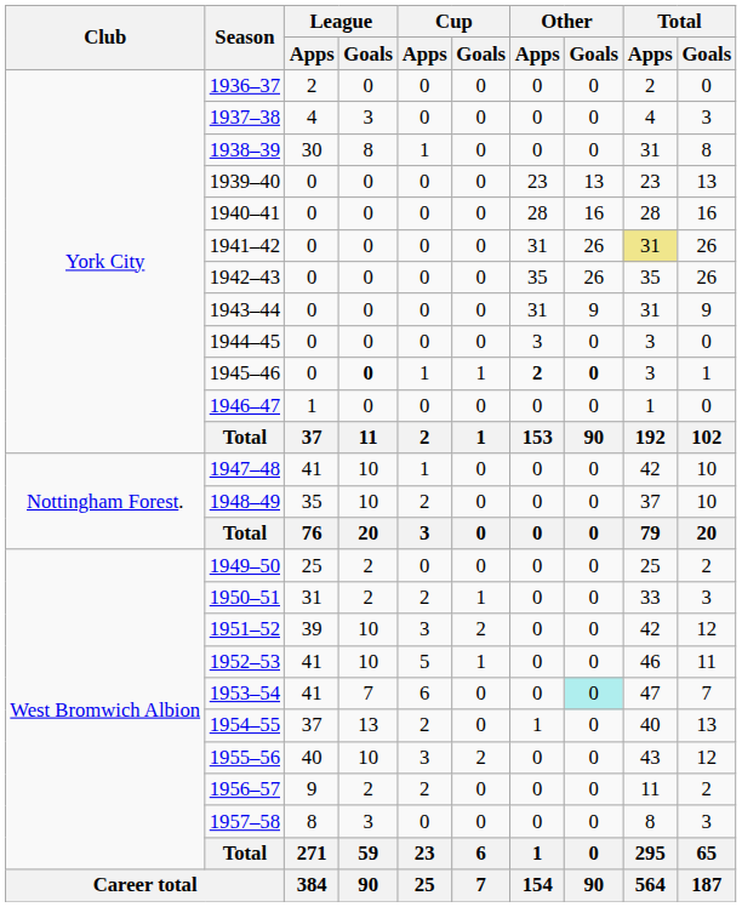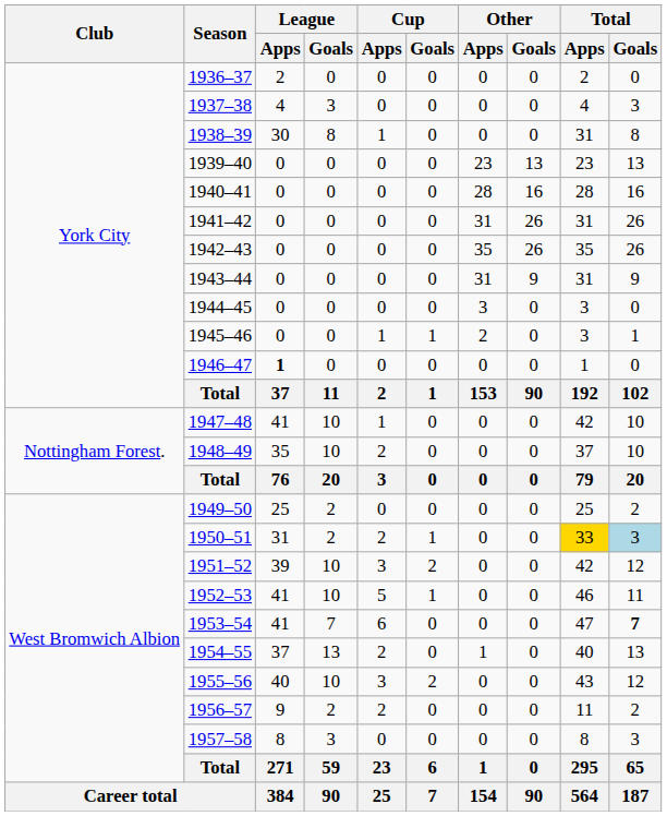 <table class="wikitable" style="text-align: center;">
 <tr>
 <th rowspan="2">Club</th>
 <th rowspan="2">Season</th>
 <th colspan="2">League</th>
 <th colspan="2">Cup</th>
 <th colspan="2">Other</th>
 <th colspan="2">Total</th>
 </tr>
 <tr>
 <th>Apps</th>
 <th>Goals</th>
 <th>Apps</th>
 <th>Goals</th>
 <th>Apps</th>
 <th>Goals</th>
 <th>Apps</th>
 <th>Goals</th>
 </tr>
 <tr>
 <td rowspan="12"><a href='#'>York City</a></td>
 <td><a href='#'>1936–37</a></td>
 <td>2</td>
 <td>0</td>
 <td>0</td>
 <td>0</td>
 <td>0</td>
 <td>0</td>
 <td>2</td>
 <td>0</td>
 </tr>
 <tr>
 <td><a href='#'>1937–38</a></td>
 <td>4</td>
 <td>3</td>
 <td>0</td>
 <td>0</td>
 <td>0</td>
 <td>0</td>
 <td>4</td>
 <td>3</td>
 </tr>
 <tr>
 <td><a href='#'>1938–39</a></td>
 <td>30</td>
 <td>8</td>
 <td>1</td>
 <td>0</td>
 <td>0</td>
 <td>0</td>
 <td>31</td>
 <td>8</td>
 </tr>
 <tr>
 <td>1939–40</td>
 <td>0</td>
 <td>0</td>
 <td>0</td>
 <td>0</td>
 <td>23</td>
 <td>13</td>
 <td>23</td>
 <td>13</td>
 </tr>
 <tr>
 <td>1940–41</td>
 <td>0</td>
 <td>0</td>
 <td>0</td>
 <td>0</td>
 <td>28</td>
 <td>16</td>
 <td>28</td>
 <td>16</td>
 </tr>
 <tr>
 <td>1941–42</td>
 <td>0</td>
 <td>0</td>
 <td>0</td>
 <td>0</td>
 <td>31</td>
 <td>26</td>
-<td style="background: khaki;">31</td>
+<td>31</td>
 <td>26</td>
 </tr>
 <tr>
 <td>1942–43</td>
 <td>0</td>
 <td>0</td>
 <td>0</td>
 <td>0</td>
 <td>35</td>
 <td>26</td>
 <td>35</td>
 <td>26</td>
 </tr>
 <tr>
 <td>1943–44</td>
 <td>0</td>
 <td>0</td>
 <td>0</td>
 <td>0</td>
 <td>31</td>
 <td>9</td>
 <td>31</td>
 <td>9</td>
 </tr>
 <tr>
 <td>1944–45</td>
 <td>0</td>
 <td>0</td>
 <td>0</td>
 <td>0</td>
 <td>3</td>
 <td>0</td>
 <td>3</td>
 <td>0</td>
 </tr>
 <tr>
 <td>1945–46</td>
 <td>0</td>
-<td><strong>0</strong></td>
+<td>0</td>
 <td>1</td>
 <td>1</td>
-<td><strong>2</strong></td>
-<td><strong>0</strong></td>
+<td>2</td>
+<td>0</td>
 <td>3</td>
 <td>1</td>
 </tr>
 <tr>
 <td><a href='#'>1946–47</a></td>
-<td>1</td>
+<td><strong>1</strong></td>
 <td>0</td>
 <td>0</td>
 <td>0</td>
 <td>0</td>
 <td>0</td>
 <td>1</td>
 <td>0</td>
 </tr>
 <tr>
 <th>Total</th>
 <th>37</th>
 <th>11</th>
 <th>2</th>
 <th>1</th>
 <th>153</th>
 <th>90</th>
 <th>192</th>
 <th>102</th>
 </tr>
 <tr>
 <td rowspan="3"><a href='#'>Nottingham Forest</a>.</td>
 <td><a href='#'>1947–48</a></td>
 <td>41</td>
 <td>10</td>
 <td>1</td>
 <td>0</td>
 <td>0</td>
 <td>0</td>
 <td>42</td>
 <td>10</td>
 </tr>
 <tr>
 <td><a href='#'>1948–49</a></td>
 <td>35</td>
 <td>10</td>
 <td>2</td>
 <td>0</td>
 <td>0</td>
 <td>0</td>
 <td>37</td>
 <td>10</td>
 </tr>
 <tr>
 <th>Total</th>
 <th>76</th>
 <th>20</th>
 <th>3</th>
 <th>0</th>
 <th>0</th>
 <th>0</th>
 <th>79</th>
 <th>20</th>
 </tr>
 <tr>
 <td rowspan="10"><a href='#'>West Bromwich Albion</a></td>
 <td><a href='#'>1949–50</a></td>
 <td>25</td>
 <td>2</td>
 <td>0</td>
 <td>0</td>
 <td>0</td>
 <td>0</td>
 <td>25</td>
 <td>2</td>
 </tr>
 <tr>
 <td><a href='#'>1950–51</a></td>
 <td>31</td>
 <td>2</td>
 <td>2</td>
 <td>1</td>
 <td>0</td>
 <td>0</td>
-<td>33</td>
-<td>3</td>
+<td style="background: gold;">33</td>
+<td style="background: lightblue;">3</td>
 </tr>
 <tr>
 <td><a href='#'>1951–52</a></td>
 <td>39</td>
 <td>10</td>
 <td>3</td>
 <td>2</td>
 <td>0</td>
 <td>0</td>
 <td>42</td>
 <td>12</td>
 </tr>
 <tr>
 <td><a href='#'>1952–53</a></td>
 <td>41</td>
 <td>10</td>
 <td>5</td>
 <td>1</td>
 <td>0</td>
 <td>0</td>
 <td>46</td>
 <td>11</td>
 </tr>
 <tr>
 <td><a href='#'>1953–54</a></td>
 <td>41</td>
 <td>7</td>
 <td>6</td>
 <td>0</td>
 <td>0</td>
-<td style="background: paleturquoise;">0</td>
+<td>0</td>
 <td>47</td>
-<td>7</td>
+<td><strong>7</strong></td>
 </tr>
 <tr>
 <td><a href='#'>1954–55</a></td>
 <td>37</td>
 <td>13</td>
 <td>2</td>
 <td>0</td>
 <td>1</td>
 <td>0</td>
 <td>40</td>
 <td>13</td>
 </tr>
 <tr>
 <td><a href='#'>1955–56</a></td>
 <td>40</td>
 <td>10</td>
 <td>3</td>
 <td>2</td>
 <td>0</td>
 <td>0</td>
 <td>43</td>
 <td>12</td>
 </tr>
 <tr>
 <td><a href='#'>1956–57</a></td>
 <td>9</td>
 <td>2</td>
 <td>2</td>
 <td>0</td>
 <td>0</td>
 <td>0</td>
 <td>11</td>
 <td>2</td>
 </tr>
 <tr>
 <td><a href='#'>1957–58</a></td>
 <td>8</td>
 <td>3</td>
 <td>0</td>
 <td>0</td>
 <td>0</td>
 <td>0</td>
 <td>8</td>
 <td>3</td>
 </tr>
 <tr>
 <th>Total</th>
 <th>271</th>
 <th>59</th>
 <th>23</th>
 <th>6</th>
 <th>1</th>
 <th>0</th>
 <th>295</th>
 <th>65</th>
 </tr>
 <tr>
 <th colspan="2">Career total</th>
 <th>384</th>
 <th>90</th>
 <th>25</th>
 <th>7</th>
 <th>154</th>
 <th>90</th>
 <th>564</th>
 <th>187</th>
 </tr>
 </table>
